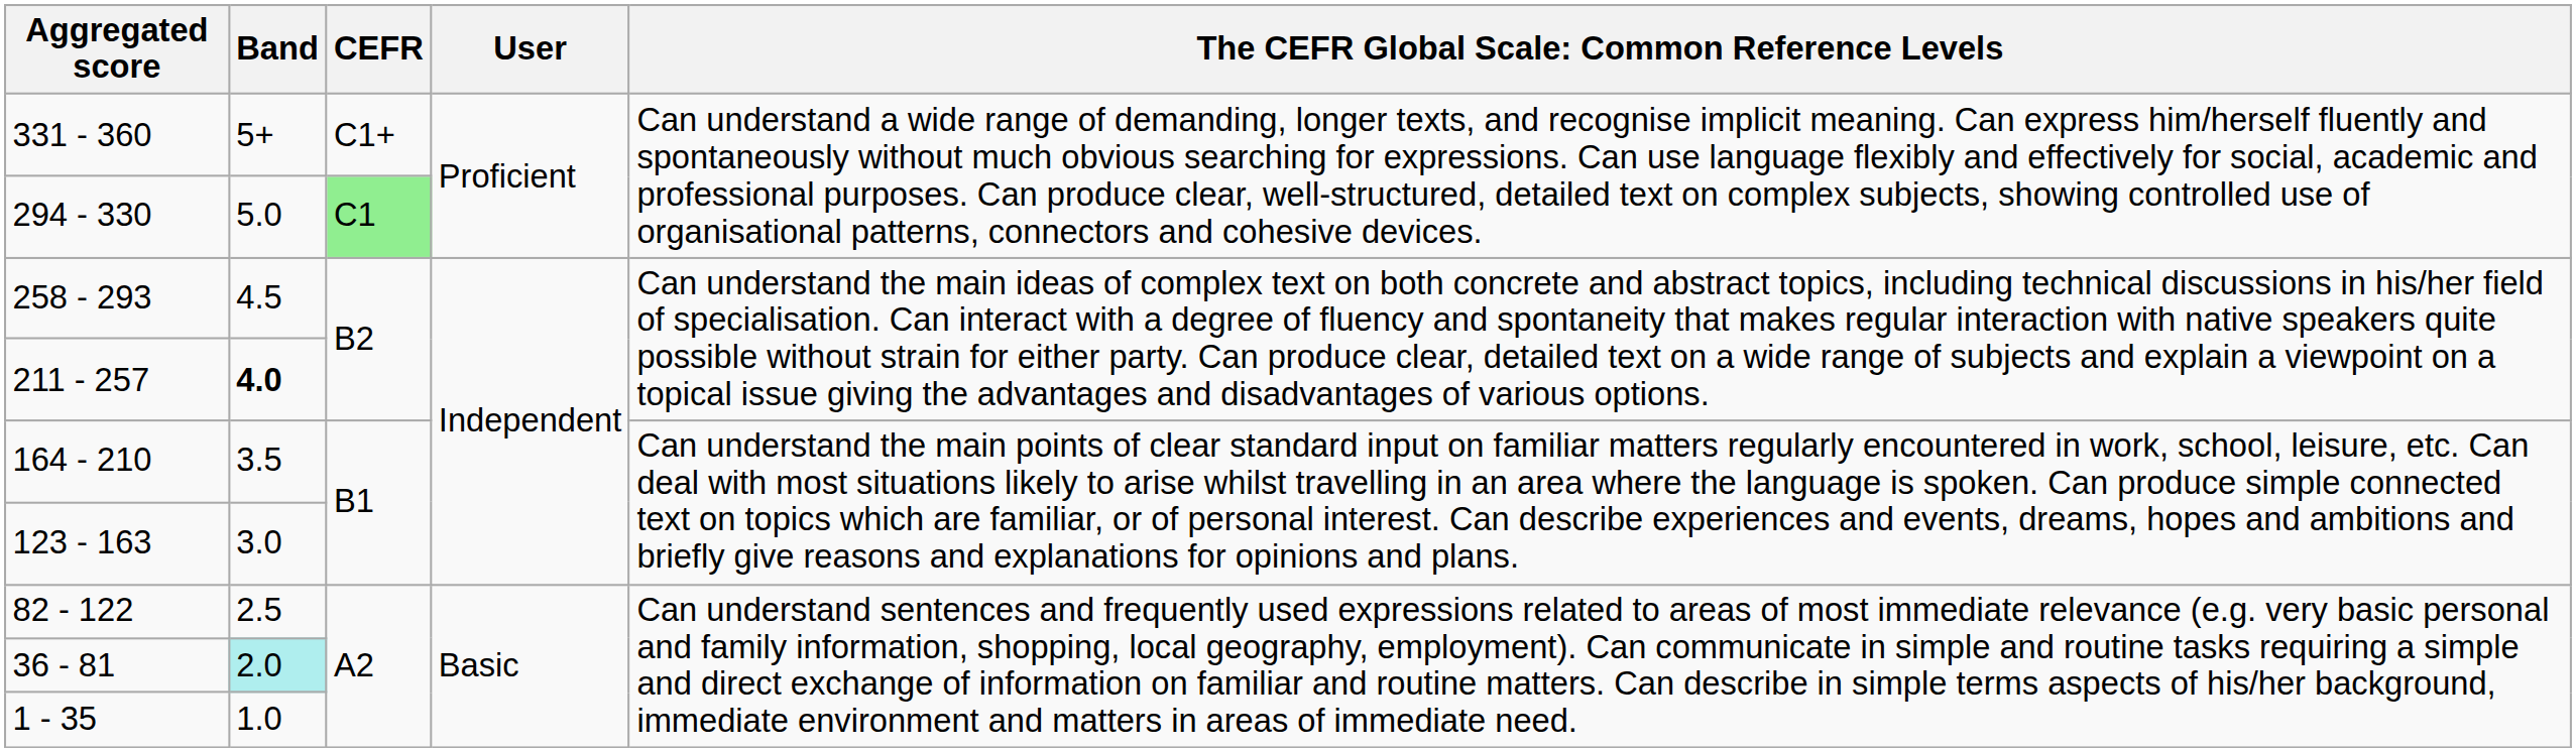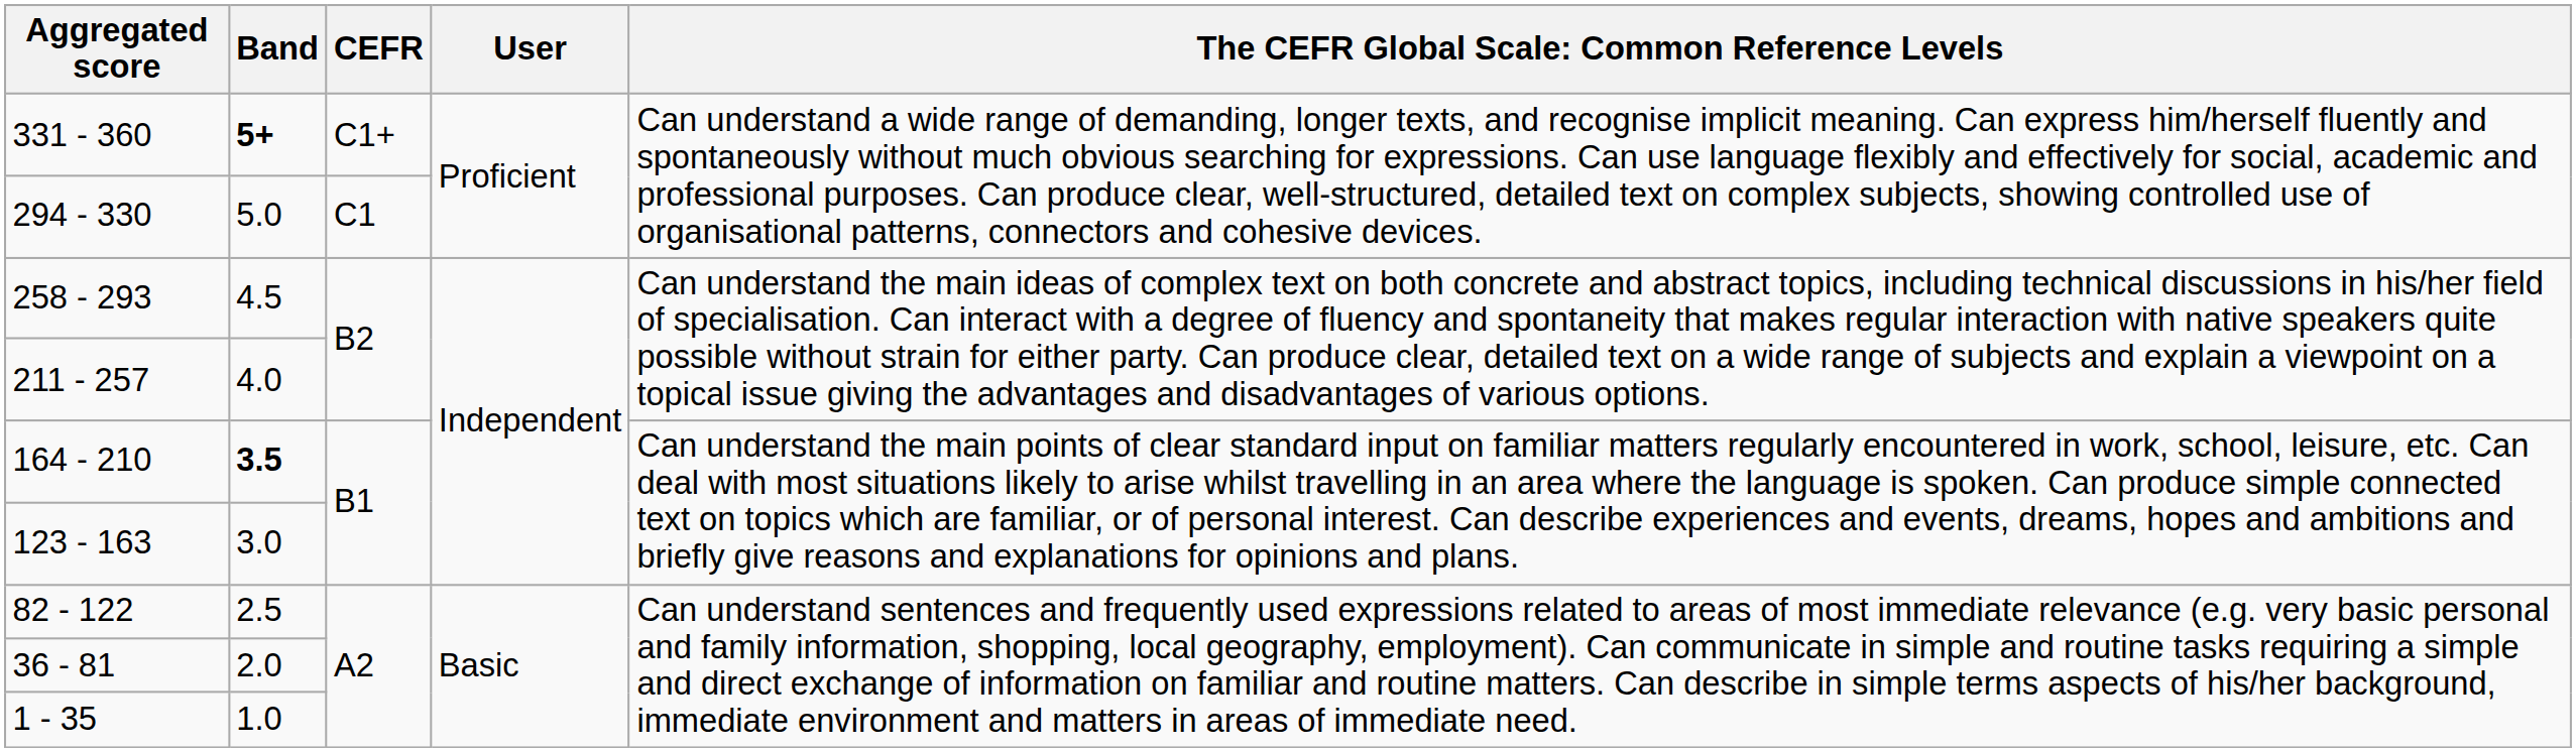 <table class="wikitable">
 <tr>
 <th>Aggregated score</th>
 <th>Band</th>
 <th>CEFR</th>
 <th>User</th>
 <th>The CEFR Global Scale: Common Reference Levels</th>
 </tr>
 <tr>
 <td>331 - 360</td>
-<td>5+</td>
+<td><strong>5+</strong></td>
 <td>C1+</td>
 <td rowspan="2">Proficient</td>
 <td rowspan="2">Can understand a wide range of demanding, longer texts, and recognise implicit meaning. Can express him/herself fluently and spontaneously without much obvious searching for expressions. Can use language flexibly and effectively for social, academic and professional purposes. Can produce clear, well-structured, detailed text on complex subjects, showing controlled use of organisational patterns, connectors and cohesive devices.</td>
 </tr>
 <tr>
 <td>294 - 330</td>
 <td>5.0</td>
-<td style="background: lightgreen;">C1</td>
+<td>C1</td>
 </tr>
 <tr>
 <td>258 - 293</td>
 <td>4.5</td>
 <td rowspan="2">B2</td>
 <td rowspan="4">Independent</td>
 <td rowspan="2">Can understand the main ideas of complex text on both concrete and abstract topics, including technical discussions in his/her field of specialisation. Can interact with a degree of fluency and spontaneity that makes regular interaction with native speakers quite possible without strain for either party. Can produce clear, detailed text on a wide range of subjects and explain a viewpoint on a topical issue giving the advantages and disadvantages of various options.</td>
 </tr>
 <tr>
 <td>211 - 257</td>
-<td><strong>4.0</strong></td>
+<td>4.0</td>
 </tr>
 <tr>
 <td>164 - 210</td>
-<td>3.5</td>
+<td><strong>3.5</strong></td>
 <td rowspan="2">B1</td>
 <td rowspan="2">Can understand the main points of clear standard input on familiar matters regularly encountered in work, school, leisure, etc. Can deal with most situations likely to arise whilst travelling in an area where the language is spoken. Can produce simple connected text on topics which are familiar, or of personal interest. Can describe experiences and events, dreams, hopes and ambitions and briefly give reasons and explanations for opinions and plans.</td>
 </tr>
 <tr>
 <td>123 - 163</td>
 <td>3.0</td>
 </tr>
 <tr>
 <td>82 - 122</td>
 <td>2.5</td>
 <td rowspan="3">A2</td>
 <td rowspan="3">Basic</td>
 <td rowspan="3">Can understand sentences and frequently used expressions related to areas of most immediate relevance (e.g. very basic personal and family information, shopping, local geography, employment). Can communicate in simple and routine tasks requiring a simple and direct exchange of information on familiar and routine matters. Can describe in simple terms aspects of his/her background, immediate environment and matters in areas of immediate need.</td>
 </tr>
 <tr>
 <td>36 - 81</td>
-<td style="background: paleturquoise;">2.0</td>
+<td>2.0</td>
 </tr>
 <tr>
 <td>1 - 35</td>
 <td>1.0</td>
 </tr>
 </table>
